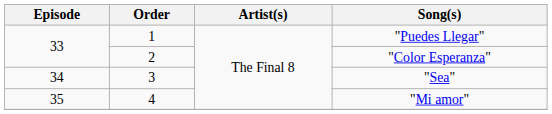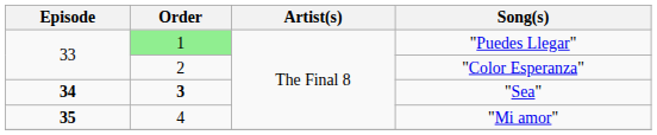 <table class="wikitable" style="text-align:center; line-height:17px; width:50%;">
 <tr>
 <th scope="col">Episode</th>
 <th scope="col">Order</th>
 <th scope="col">Artist(s)</th>
 <th scope="col">Song(s)</th>
 </tr>
 <tr>
 <td rowspan="2">33</td>
-<td>1</td>
+<td style="background: lightgreen;">1</td>
 <td rowspan="4">The Final 8</td>
 <td>"<a href='#'>Puedes Llegar</a>"</td>
 </tr>
 <tr>
 <td>2</td>
 <td>"<a href='#'>Color Esperanza</a>"</td>
 </tr>
 <tr>
-<td>34</td>
-<td>3</td>
+<td><strong>34</strong></td>
+<td><strong>3</strong></td>
 <td>"<a href='#'>Sea</a>"</td>
 </tr>
 <tr>
-<td>35</td>
+<td><strong>35</strong></td>
 <td>4</td>
 <td>"<a href='#'>Mi amor</a>"</td>
 </tr>
 <tr>
 </tr>
 </table>
